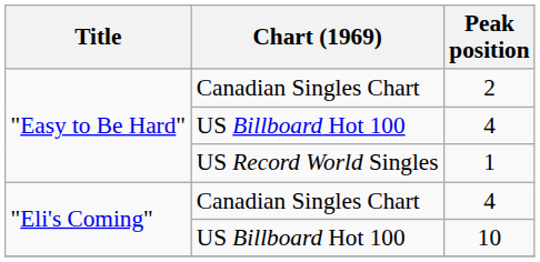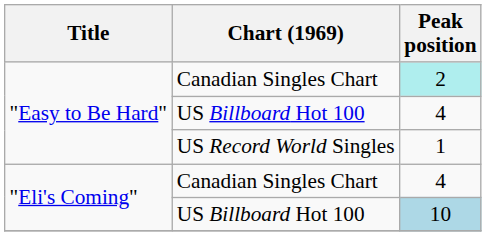 <table class="wikitable sortable" border="1">
 <tr>
 <th scope="col">Title</th>
 <th scope="col">Chart (1969)</th>
 <th scope="col">Peak<br>position</th>
 </tr>
 <tr>
 <td rowspan="3">"<a href='#'>Easy to Be Hard</a>"</td>
 <td>Canadian Singles Chart</td>
-<td style="text-align:center;">2</td>
+<td style="background: paleturquoise; text-align:center;">2</td>
 </tr>
 <tr>
 <td>US <a href='#'><em>Billboard</em> Hot 100</a></td>
 <td style="text-align:center;">4</td>
 </tr>
 <tr>
 <td>US <em>Record World</em> Singles</td>
 <td style="text-align:center;">1</td>
 </tr>
 <tr>
 <td rowspan="2">"<a href='#'>Eli's Coming</a>"</td>
 <td>Canadian Singles Chart</td>
 <td style="text-align:center;">4</td>
 </tr>
 <tr>
 <td>US <em>Billboard</em> Hot 100</td>
-<td style="text-align:center;">10</td>
+<td style="background: lightblue; text-align:center;">10</td>
 </tr>
 <tr>
 </tr>
 </table>
